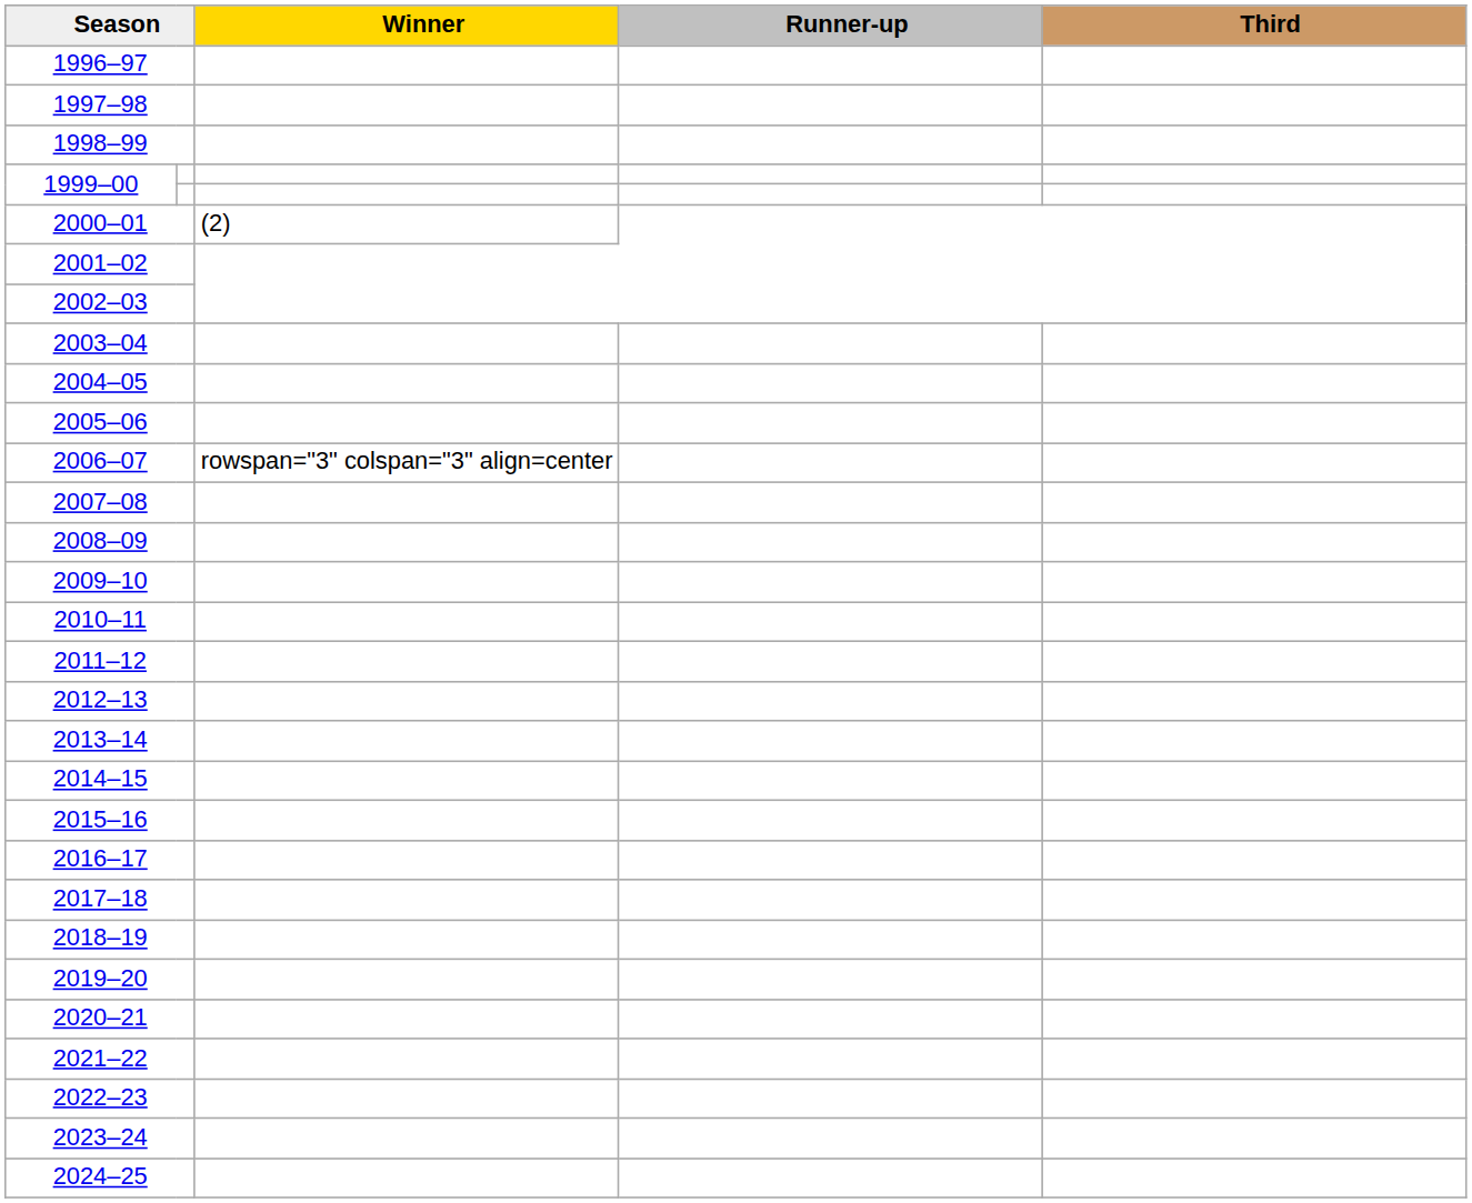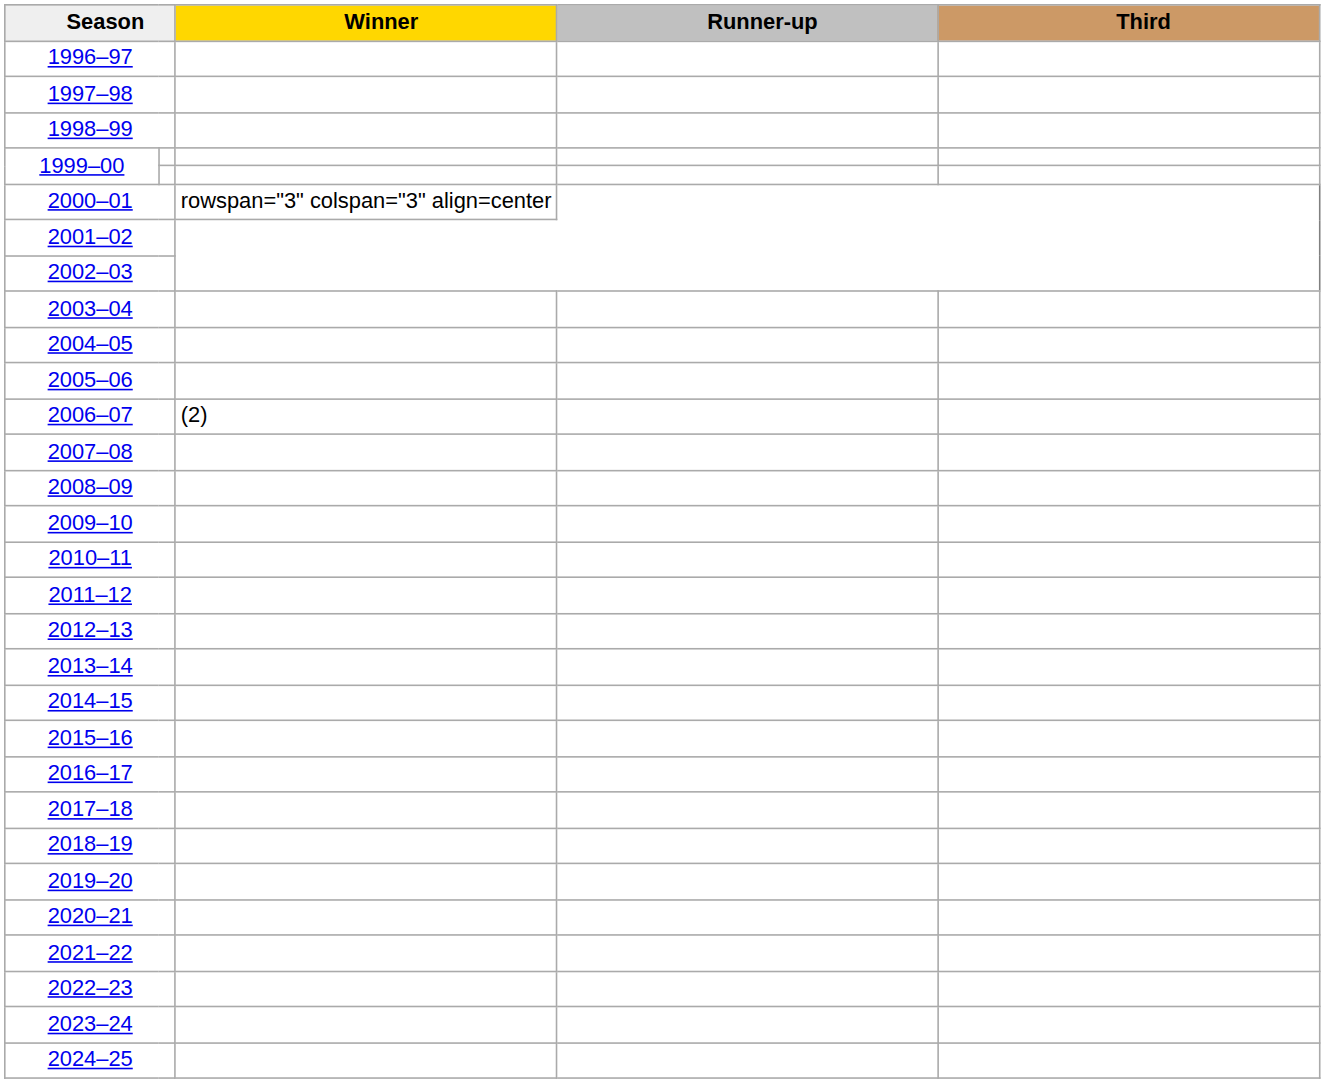 <table class="wikitable sortable" style="background:#fff; font-size:86%; line-height:16px; border:gray solid 1px">
 <tr style="background:#ccc; text-align:center;">
 <th colspan=2 style="width:13%; background:#efefef;">     Season</th>
 <th style="width:29%; background:gold">     Winner</th>
 <th style="width:29%; background:silver">     Runner-up</th>
 <th style="width:29%; background:#c96;">     Third</th>
 </tr>
 <tr>
 <td colspan=2 align=center><a href='#'>1996–97</a></td>
 <td></td>
 <td></td>
 <td></td>
 </tr>
 <tr>
 <td colspan=2 align=center><a href='#'>1997–98</a></td>
 <td></td>
 <td></td>
 <td></td>
 </tr>
 <tr>
 <td colspan=2 align=center><a href='#'>1998–99</a></td>
 <td></td>
 <td></td>
 <td></td>
 </tr>
 <tr>
 <td rowspan=2 align=center><a href='#'>1999–00</a></td>
 <td align=center></td>
 <td></td>
 <td></td>
 <td></td>
 </tr>
 <tr>
 <td align=center></td>
 <td></td>
 <td></td>
 <td></td>
 </tr>
 <tr>
 <td colspan=2 align=center><a href='#'>2000–01</a></td>
-<td> (2)</td>
+<td>rowspan="3" colspan="3" align=center </td>
 </tr>
 <tr>
 <td colspan=2 align=center><a href='#'>2001–02</a></td>
 </tr>
 <tr>
 <td colspan=2 align=center><a href='#'>2002–03</a></td>
 </tr>
 <tr>
 <td colspan=2 align=center><a href='#'>2003–04</a></td>
 <td></td>
 <td></td>
 <td></td>
 </tr>
 <tr>
 <td colspan=2 align=center><a href='#'>2004–05</a></td>
 <td></td>
 <td></td>
 <td></td>
 </tr>
 <tr>
 <td colspan=2 align=center><a href='#'>2005–06</a></td>
 <td></td>
 <td></td>
 <td></td>
 </tr>
 <tr>
 <td colspan=2 align=center><a href='#'>2006–07</a></td>
-<td>rowspan="3" colspan="3" align=center </td>
+<td> (2)</td>
 <td></td>
 <td></td>
 </tr>
 <tr>
 <td colspan=2 align=center><a href='#'>2007–08</a></td>
 <td></td>
 <td></td>
 <td></td>
 </tr>
 <tr>
 <td colspan=2 align=center><a href='#'>2008–09</a></td>
 <td></td>
 <td></td>
 <td></td>
 </tr>
 <tr>
 <td colspan=2 align=center><a href='#'>2009–10</a></td>
 <td></td>
 <td></td>
 <td></td>
 </tr>
 <tr>
 <td colspan=2 align=center><a href='#'>2010–11</a></td>
 <td></td>
 <td></td>
 <td></td>
 </tr>
 <tr>
 <td colspan=2 align=center><a href='#'>2011–12</a></td>
 <td></td>
 <td></td>
 <td></td>
 </tr>
 <tr>
 <td colspan=2 align=center><a href='#'>2012–13</a></td>
 <td></td>
 <td></td>
 <td></td>
 </tr>
 <tr>
 <td colspan=2 align=center><a href='#'>2013–14</a></td>
 <td></td>
 <td></td>
 <td></td>
 </tr>
 <tr>
 <td colspan=2 align=center><a href='#'>2014–15</a></td>
 <td></td>
 <td></td>
 <td></td>
 </tr>
 <tr>
 <td colspan=2 align=center><a href='#'>2015–16</a></td>
 <td></td>
 <td></td>
 <td></td>
 </tr>
 <tr>
 <td colspan=2 align=center><a href='#'>2016–17</a></td>
 <td></td>
 <td></td>
 <td></td>
 </tr>
 <tr>
 <td colspan=2 align=center><a href='#'>2017–18</a></td>
 <td></td>
 <td></td>
 <td></td>
 </tr>
 <tr>
 <td colspan=2 align=center><a href='#'>2018–19</a></td>
 <td></td>
 <td></td>
 <td></td>
 </tr>
 <tr>
 <td colspan=2 align=center><a href='#'>2019–20</a></td>
 <td></td>
 <td></td>
 <td></td>
 </tr>
 <tr>
 <td colspan=2 align=center><a href='#'>2020–21</a></td>
 <td></td>
 <td></td>
 <td></td>
 </tr>
 <tr>
 <td colspan=2 align=center><a href='#'>2021–22</a></td>
 <td></td>
 <td></td>
 <td></td>
 </tr>
 <tr>
 <td colspan=2 align=center><a href='#'>2022–23</a></td>
 <td></td>
 <td></td>
 <td></td>
 </tr>
 <tr>
 <td colspan=2 align=center><a href='#'>2023–24</a></td>
 <td></td>
 <td></td>
 <td></td>
 </tr>
 <tr>
 <td colspan=2 align=center><a href='#'>2024–25</a></td>
 <td></td>
 <td></td>
 <td></td>
 </tr>
 </table>
